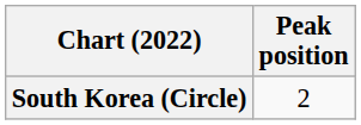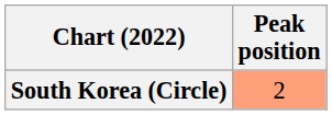 <table class="wikitable plainrowheaders" style="text-align:center">
 <tr>
 <th scope="col">Chart (2022)</th>
 <th scope="col">Peak<br>position</th>
 </tr>
 <tr>
 <th scope="row">South Korea (Circle)</th>
-<td>2</td>
+<td style="background: lightsalmon;">2</td>
 </tr>
 </table>
